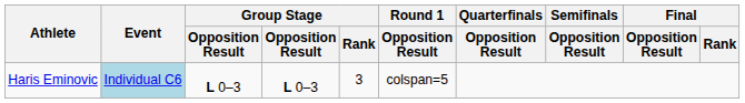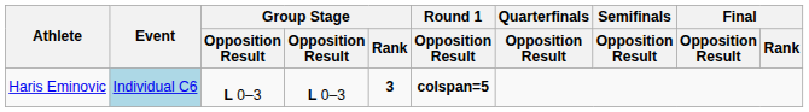 <table class=wikitable style="font-size:90%">
 <tr>
 <th rowspan="2">Athlete</th>
 <th rowspan="2">Event</th>
 <th colspan="3">Group Stage</th>
 <th>Round 1</th>
 <th>Quarterfinals</th>
 <th>Semifinals</th>
 <th colspan="2">Final</th>
 </tr>
 <tr>
 <th>Opposition<br>Result</th>
 <th>Opposition<br>Result</th>
 <th>Rank</th>
 <th>Opposition<br>Result</th>
 <th>Opposition<br>Result</th>
 <th>Opposition<br>Result</th>
 <th>Opposition<br>Result</th>
 <th>Rank</th>
 </tr>
 <tr align=center>
 <td align=left><a href='#'>Haris Eminovic</a></td>
 <td style="background: lightblue;"><a href='#'>Individual C6</a></td>
 <td><br><strong>L</strong> 0–3</td>
 <td><br><strong>L</strong> 0–3</td>
-<td>3</td>
-<td>colspan=5 </td>
+<td><strong>3</strong></td>
+<td><strong>colspan=5 </strong></td>
 </tr>
 </table>
